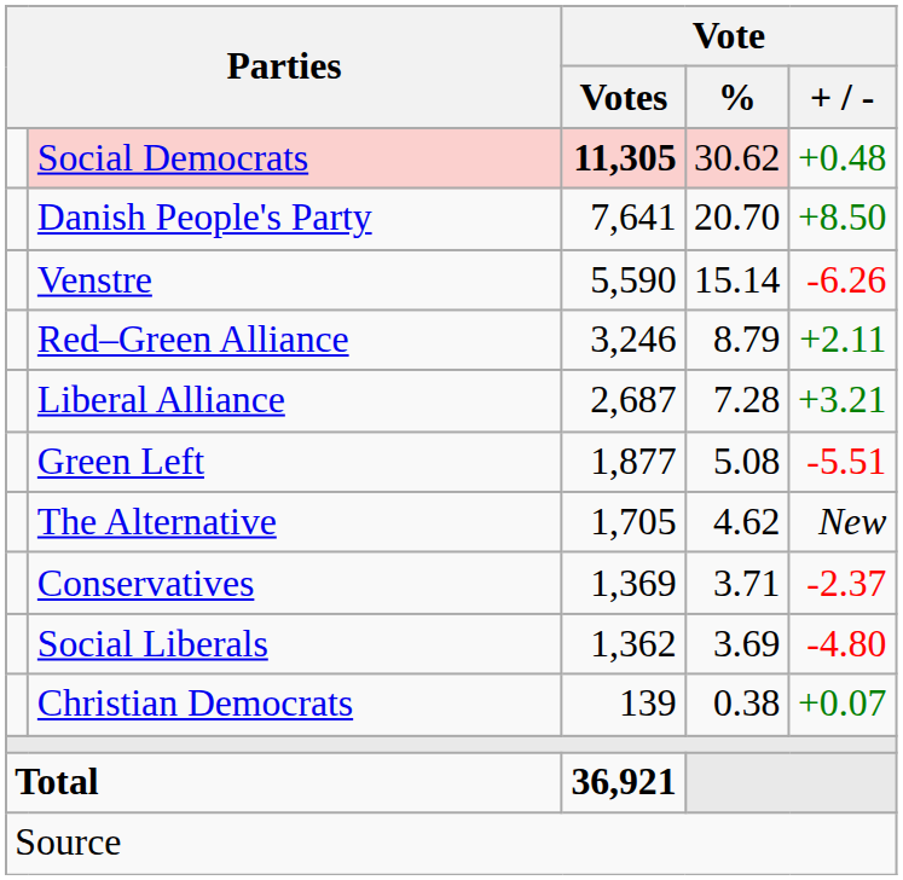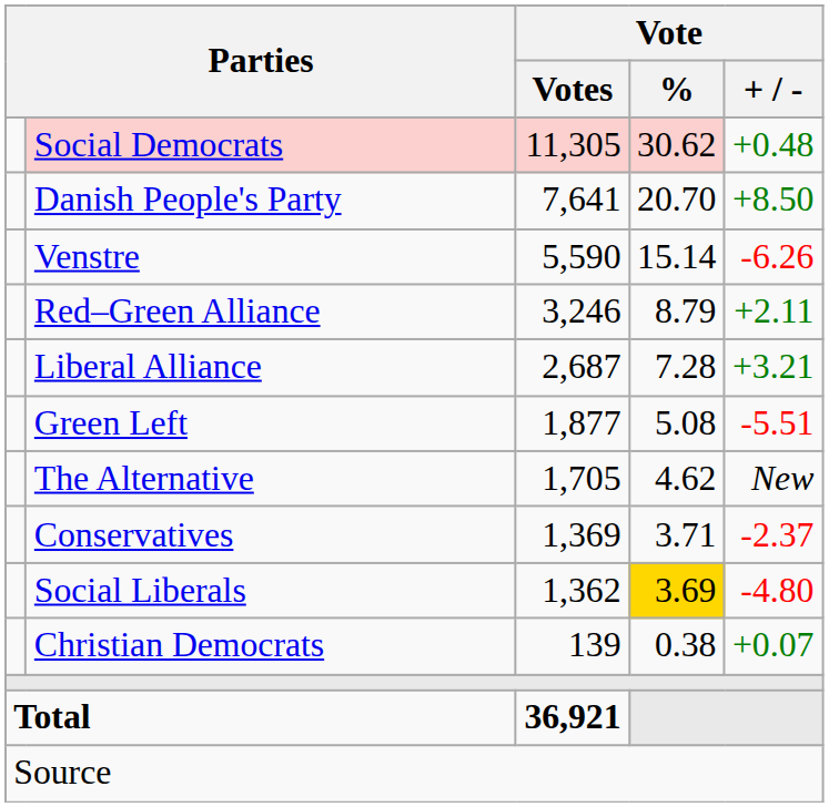 <table class="wikitable" style="text-align:right;">
 <tr>
 <th style="text-align:centre;" rowspan="2" colspan="2" width="225">Parties</th>
 <th colspan="3">Vote</th>
 </tr>
 <tr>
 <th width="15">Votes</th>
 <th width="15">%</th>
 <th width="15">+ / -</th>
 </tr>
 <tr>
 <td width="2" style="color:inherit;background:"></td>
 <td bgcolor=#fbd0ce  align="left"><a href='#'>Social Democrats</a></td>
-<td bgcolor=#fbd0ce><strong>11,305</strong></td>
+<td bgcolor=#fbd0ce>11,305</td>
 <td bgcolor=#fbd0ce>30.62</td>
 <td style=color:green;>+0.48</td>
 </tr>
 <tr>
 <td width="2" style="color:inherit;background:"></td>
 <td align="left"><a href='#'>Danish People's Party</a></td>
 <td>7,641</td>
 <td>20.70</td>
 <td style=color:green;>+8.50</td>
 </tr>
 <tr>
 <td width="2" style="color:inherit;background:"></td>
 <td align="left"><a href='#'>Venstre</a></td>
 <td>5,590</td>
 <td>15.14</td>
 <td style=color:red;>-6.26</td>
 </tr>
 <tr>
 <td width="2" style="color:inherit;background:"></td>
 <td align="left"><a href='#'>Red–Green Alliance</a></td>
 <td>3,246</td>
 <td>8.79</td>
 <td style=color:green;>+2.11</td>
 </tr>
 <tr>
 <td width="2" style="color:inherit;background:"></td>
 <td align="left"><a href='#'>Liberal Alliance</a></td>
 <td>2,687</td>
 <td>7.28</td>
 <td style=color:green;>+3.21</td>
 </tr>
 <tr>
 <td width="2" style="color:inherit;background:"></td>
 <td align="left"><a href='#'>Green Left</a></td>
 <td>1,877</td>
 <td>5.08</td>
 <td style=color:red;>-5.51</td>
 </tr>
 <tr>
 <td width="2" style="color:inherit;background:"></td>
 <td align="left"><a href='#'>The Alternative</a></td>
 <td>1,705</td>
 <td>4.62</td>
 <td><em>New</em></td>
 </tr>
 <tr>
 <td width="2" style="color:inherit;background:"></td>
 <td align="left"><a href='#'>Conservatives</a></td>
 <td>1,369</td>
 <td>3.71</td>
 <td style=color:red;>-2.37</td>
 </tr>
 <tr>
 <td width="2" style="color:inherit;background:"></td>
 <td align="left"><a href='#'>Social Liberals</a></td>
 <td>1,362</td>
-<td>3.69</td>
+<td style="background: gold;">3.69</td>
 <td style=color:red;>-4.80</td>
 </tr>
 <tr>
 <td width="2" style="color:inherit;background:"></td>
 <td align="left"><a href='#'>Christian Democrats</a></td>
 <td>139</td>
 <td>0.38</td>
 <td style=color:green;>+0.07</td>
 </tr>
 <tr>
 <td colspan="7" bgcolor="#E9E9E9"></td>
 </tr>
 <tr>
 <td align="left" colspan="2"><strong>Total</strong></td>
 <td><strong>36,921</strong></td>
 <td bgcolor="#E9E9E9" colspan="2"></td>
 </tr>
 <tr>
 <td align="left" colspan="6">Source</td>
 </tr>
 </table>
